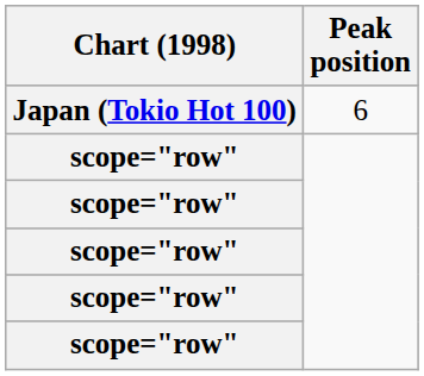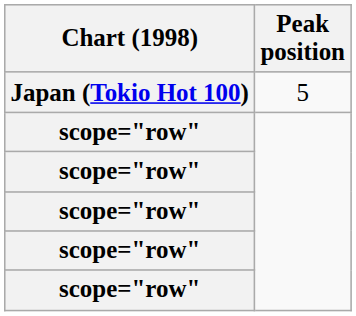 <table class="wikitable plainrowheaders">
 <tr>
 <th scope="col">Chart (1998)</th>
 <th scope="col">Peak<br>position</th>
 </tr>
 <tr>
 <th scope="row">Japan (<a href='#'>Tokio Hot 100</a>)</th>
-<td align=center>6</td>
+<td align=center>5</td>
 </tr>
 <tr>
 <th>scope="row" </th>
 </tr>
 <tr>
 <th>scope="row"</th>
 </tr>
 <tr>
 <th>scope="row" </th>
 </tr>
 <tr>
 <th>scope="row" </th>
 </tr>
 <tr>
 <th>scope="row" </th>
 </tr>
 </table>
